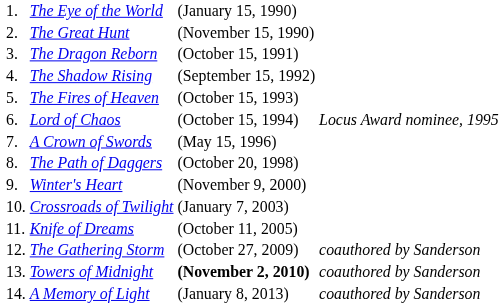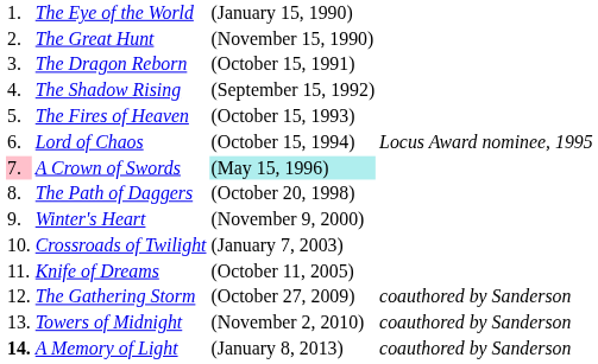 <table>
 <tr>
 <td>1.</td>
 <td><em><a href='#'>The Eye of the World</a></em></td>
 <td>(January 15, 1990)</td>
 </tr>
 <tr>
 <td>2.</td>
 <td><em><a href='#'>The Great Hunt</a></em></td>
 <td>(November 15, 1990)</td>
 </tr>
 <tr>
 <td>3.</td>
 <td><em><a href='#'>The Dragon Reborn</a></em></td>
 <td>(October 15, 1991)</td>
 </tr>
 <tr>
 <td>4.</td>
 <td><em><a href='#'>The Shadow Rising</a></em></td>
 <td>(September 15, 1992)</td>
 </tr>
 <tr>
 <td>5.</td>
 <td><em><a href='#'>The Fires of Heaven</a></em></td>
 <td>(October 15, 1993)</td>
 </tr>
 <tr>
 <td>6.</td>
 <td><em><a href='#'>Lord of Chaos</a></em></td>
 <td>(October 15, 1994)</td>
 <td><em>Locus Award nominee, 1995</em></td>
 </tr>
 <tr>
-<td>7.</td>
+<td style="background: pink;">7.</td>
 <td><em><a href='#'>A Crown of Swords</a></em></td>
-<td>(May 15, 1996)</td>
+<td style="background: paleturquoise;">(May 15, 1996)</td>
 </tr>
 <tr>
 <td>8.</td>
 <td><em><a href='#'>The Path of Daggers</a></em></td>
 <td>(October 20, 1998)</td>
 </tr>
 <tr>
 <td>9.</td>
 <td><em><a href='#'>Winter's Heart</a></em></td>
 <td>(November 9, 2000)</td>
 </tr>
 <tr>
 <td>10.</td>
 <td><em><a href='#'>Crossroads of Twilight</a></em></td>
 <td>(January 7, 2003)</td>
 </tr>
 <tr>
 <td>11.</td>
 <td><em><a href='#'>Knife of Dreams</a></em></td>
 <td>(October 11, 2005)</td>
 </tr>
 <tr>
 <td>12.</td>
 <td><em><a href='#'>The Gathering Storm</a></em></td>
 <td>(October 27, 2009)</td>
 <td><em>coauthored by Sanderson</em></td>
 </tr>
 <tr>
 <td>13.</td>
 <td><em><a href='#'>Towers of Midnight</a></em></td>
-<td><strong>(November 2, 2010)</strong></td>
+<td>(November 2, 2010)</td>
 <td><em>coauthored by Sanderson</em></td>
 </tr>
 <tr>
-<td>14.</td>
+<td><strong>14.</strong></td>
 <td><em><a href='#'>A Memory of Light</a></em></td>
 <td>(January 8, 2013)</td>
 <td><em>coauthored by Sanderson</em></td>
 </tr>
 </table>
